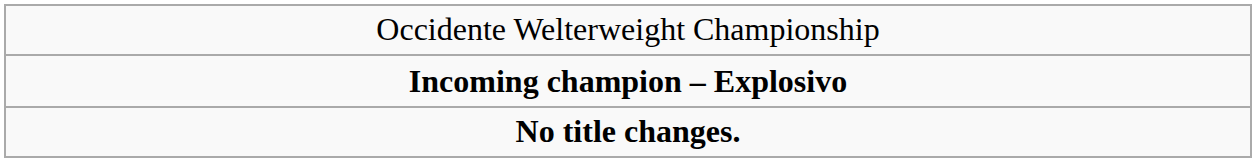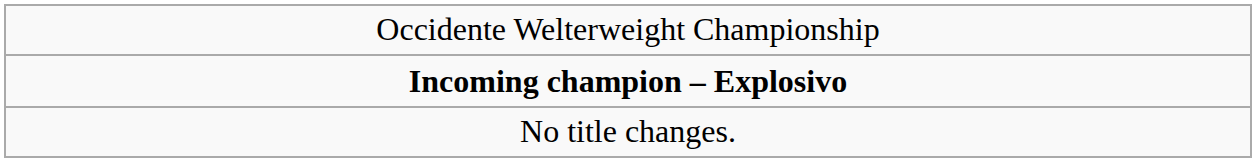 <table class="wikitable" style="text-align:center; width:100%;">
 <tr>
 <td colspan="5" style="text-align: center;">Occidente Welterweight Championship</td>
 </tr>
 <tr>
 <td colspan="5" style="text-align: center;"><strong>Incoming champion – Explosivo</strong></td>
 </tr>
 <tr>
-<td><strong>No title changes.</strong></td>
+<td>No title changes.</td>
 </tr>
 <tr>
 </tr>
 </table>
